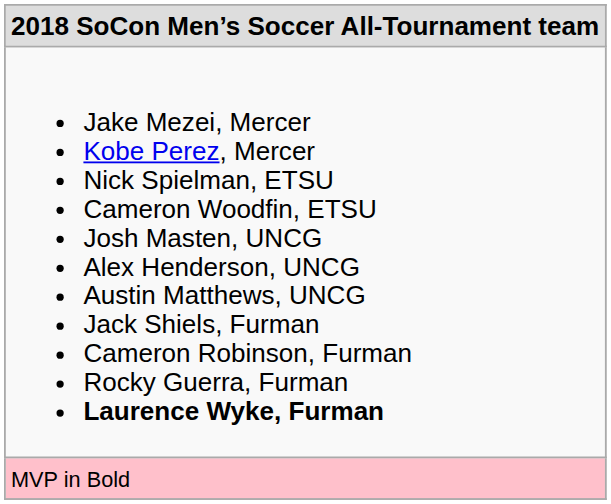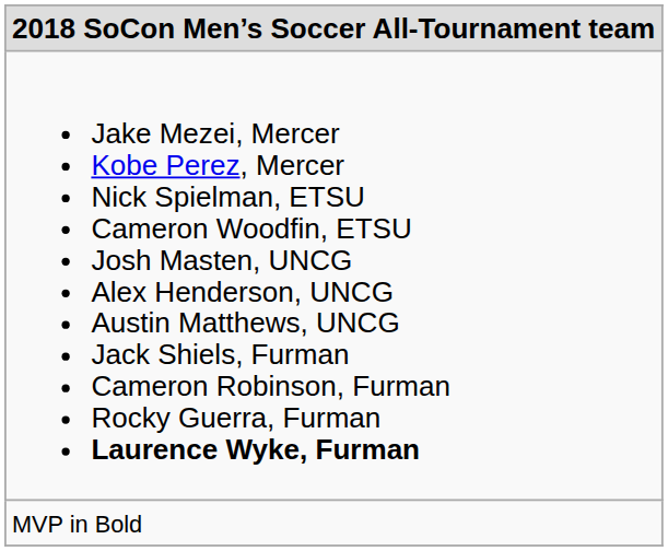 <table class="wikitable" style="white-space:nowrap; font-size:90%;">
 <tr>
 <td colspan="7" style="text-align:center; background:#ddd;"><strong>2018 SoCon Men’s Soccer All-Tournament team</strong></td>
 </tr>
 <tr>
 <td><br><ul><li>Jake Mezei, Mercer</li><li><a href='#'>Kobe Perez</a>, Mercer</li><li>Nick Spielman, ETSU</li><li>Cameron Woodfin, ETSU</li><li>Josh Masten, UNCG</li><li>Alex Henderson, UNCG</li><li>Austin Matthews, UNCG</li><li>Jack Shiels, Furman</li><li>Cameron Robinson, Furman</li><li>Rocky Guerra, Furman</li><li><strong>Laurence Wyke, Furman</strong></li></ul></td>
 </tr>
 <tr>
-<td style="background: pink;"><small>MVP in Bold</small></td>
+<td><small>MVP in Bold</small></td>
 </tr>
 </table>
